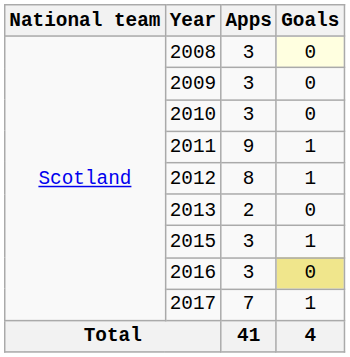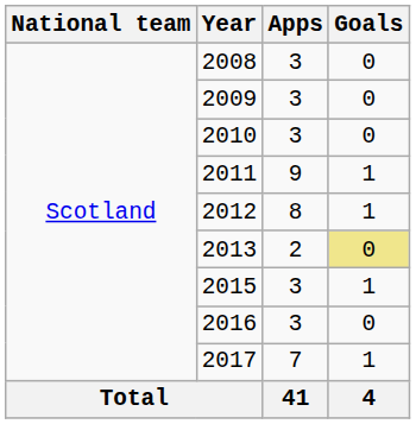 <table class="wikitable" style="text-align:center">
 <tr>
 <th>National team</th>
 <th>Year</th>
 <th>Apps</th>
 <th>Goals</th>
 </tr>
 <tr>
 <td rowspan="9"><a href='#'>Scotland</a></td>
 <td>2008</td>
 <td>3</td>
-<td style="background: lightyellow;">0</td>
+<td>0</td>
 </tr>
 <tr>
 <td>2009</td>
 <td>3</td>
 <td>0</td>
 </tr>
 <tr>
 <td>2010</td>
 <td>3</td>
 <td>0</td>
 </tr>
 <tr>
 <td>2011</td>
 <td>9</td>
 <td>1</td>
 </tr>
 <tr>
 <td>2012</td>
 <td>8</td>
 <td>1</td>
 </tr>
 <tr>
 <td>2013</td>
 <td>2</td>
-<td>0</td>
+<td style="background: khaki;">0</td>
 </tr>
 <tr>
 <td>2015</td>
 <td>3</td>
 <td>1</td>
 </tr>
 <tr>
 <td>2016</td>
 <td>3</td>
-<td style="background: khaki;">0</td>
+<td>0</td>
 </tr>
 <tr>
 <td>2017</td>
 <td>7</td>
 <td>1</td>
 </tr>
 <tr>
 <th colspan="2">Total</th>
 <th>41</th>
 <th>4</th>
 </tr>
 </table>
